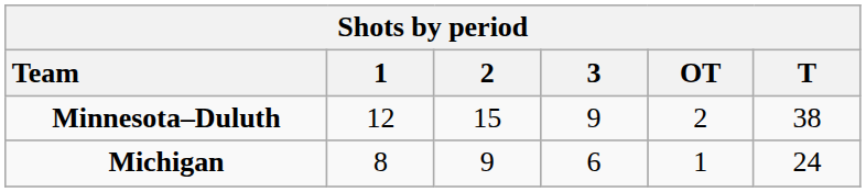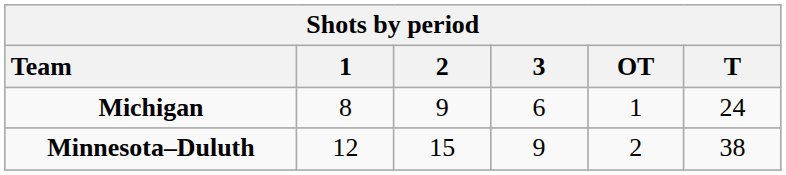 <table class="wikitable" style="width:30em; text-align:right;">
 <tr>
 <th colspan=6>Shots by period</th>
 </tr>
 <tr>
 <th style="width:10em; text-align:left;">Team</th>
 <th style="width:3em;">1</th>
 <th style="width:3em;">2</th>
 <th style="width:3em;">3</th>
 <th style="width:3em;">OT</th>
 <th style="width:3em;">T</th>
 </tr>
 <tr>
+<td align=center><strong>Michigan</strong></td>
+<td align=center>8</td>
+<td align=center>9</td>
+<td align=center>6</td>
+<td align=center>1</td>
+<td align=center>24</td>
+</tr>
+<tr>
 <td align=center><strong>Minnesota–Duluth</strong></td>
 <td align=center>12</td>
 <td align=center>15</td>
 <td align=center>9</td>
 <td align=center>2</td>
 <td align=center>38</td>
 </tr>
-<tr>
-<td align=center><strong>Michigan</strong></td>
-<td align=center>8</td>
-<td align=center>9</td>
-<td align=center>6</td>
-<td align=center>1</td>
-<td align=center>24</td>
-</tr>
 </table>
